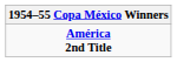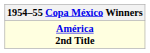 <table class="wikitable" style="text-align: center; margin: 0 auto;">
 <tr>
 <th>1954–55 <a href='#'>Copa México</a> Winners</th>
 </tr>
 <tr>
-<td><strong><a href='#'>América</a></strong><br><strong>2nd Title</strong></td>
+<td style="background: lightyellow;"><strong><a href='#'>América</a></strong><br><strong>2nd Title</strong></td>
 </tr>
 </table>
